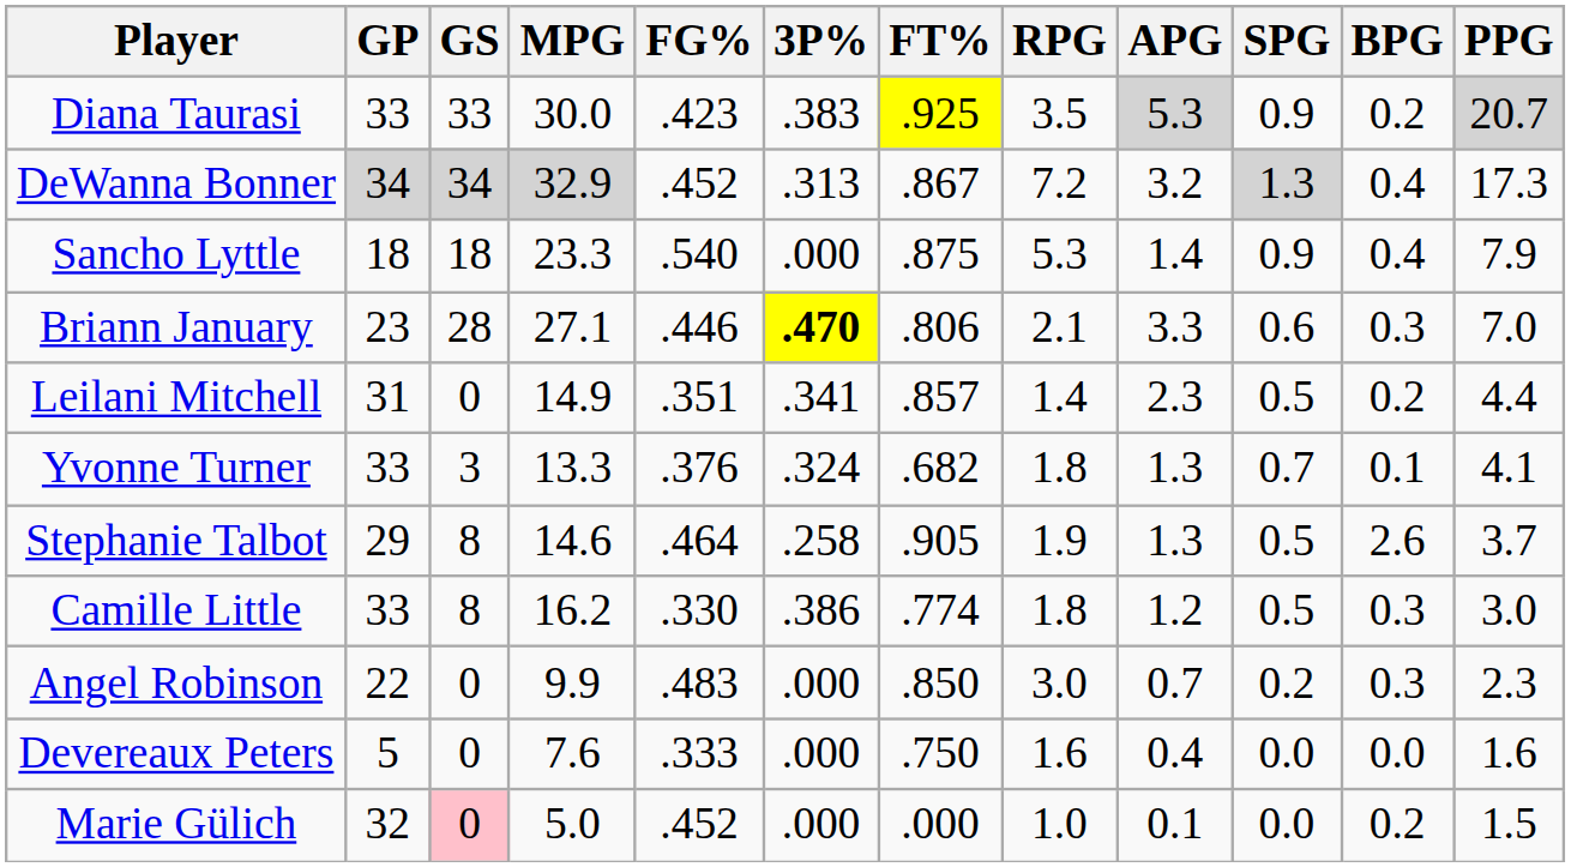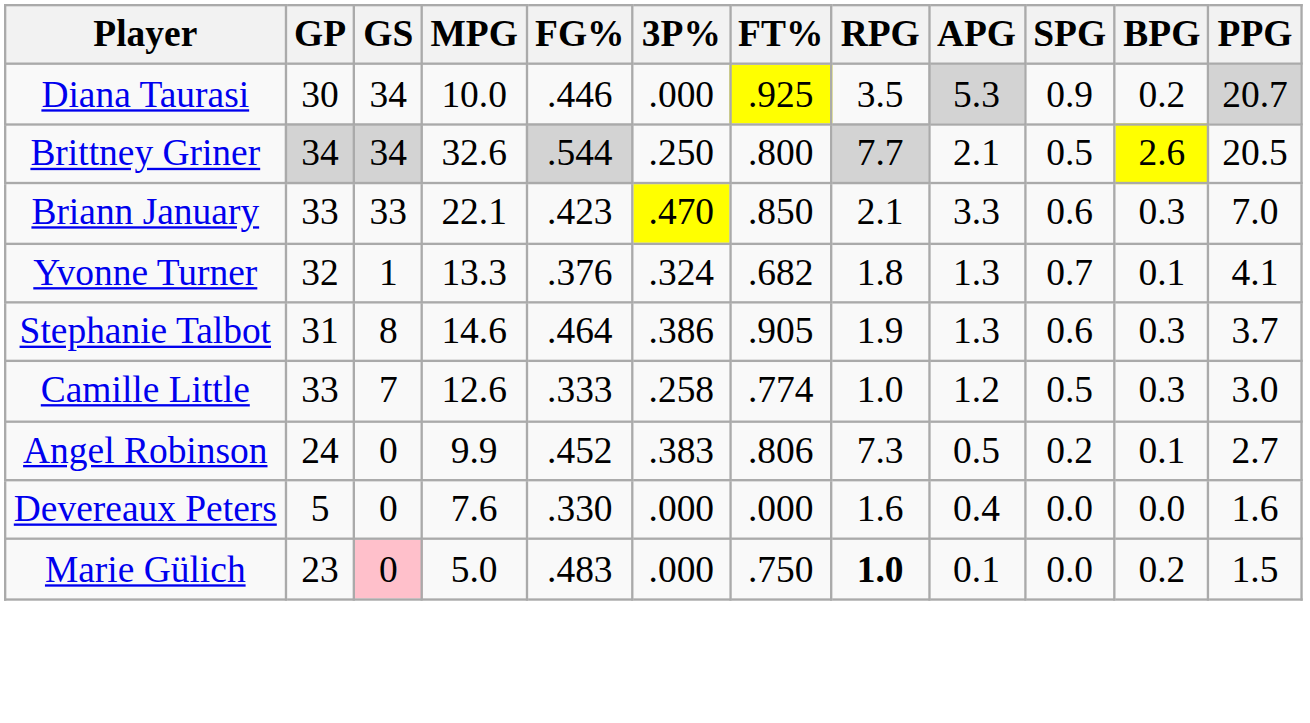 <table class="wikitable sortable" style="text-align:center;">
 <tr>
 <th>Player</th>
 <th>GP</th>
 <th>GS</th>
 <th>MPG</th>
 <th>FG%</th>
 <th>3P%</th>
 <th>FT%</th>
 <th>RPG</th>
 <th>APG</th>
 <th>SPG</th>
 <th>BPG</th>
 <th>PPG</th>
 </tr>
 <tr>
 <td><a href='#'>Diana Taurasi</a></td>
-<td>33</td>
-<td>33</td>
-<td>30.0</td>
-<td>.423</td>
-<td>.383</td>
+<td>30</td>
+<td>34</td>
+<td>10.0</td>
+<td>.446</td>
+<td>.000</td>
 <td style="background:yellow;">.925</td>
 <td>3.5</td>
 <td style="background:#D3D3D3;">5.3</td>
 <td>0.9</td>
 <td>0.2</td>
 <td style="background:#D3D3D3;">20.7</td>
 </tr>
 <tr>
-<td><a href='#'>DeWanna Bonner</a></td>
+<td><a href='#'>Brittney Griner</a></td>
 <td style="background:#D3D3D3;">34</td>
 <td style="background:#D3D3D3;">34</td>
-<td style="background:#D3D3D3;">32.9</td>
-<td>.452</td>
-<td>.313</td>
-<td>.867</td>
-<td>7.2</td>
-<td>3.2</td>
-<td style="background:#D3D3D3;">1.3</td>
-<td>0.4</td>
-<td>17.3</td>
-</tr>
-<tr>
-<td><a href='#'>Sancho Lyttle</a></td>
-<td>18</td>
-<td>18</td>
-<td>23.3</td>
-<td>.540</td>
-<td>.000</td>
-<td>.875</td>
-<td>5.3</td>
-<td>1.4</td>
-<td>0.9</td>
-<td>0.4</td>
-<td>7.9</td>
+<td>32.6</td>
+<td style="background:#D3D3D3;">.544</td>
+<td>.250</td>
+<td>.800</td>
+<td style="background:#D3D3D3;">7.7</td>
+<td>2.1</td>
+<td>0.5</td>
+<td style="background:yellow;">2.6</td>
+<td>20.5</td>
 </tr>
 <tr>
 <td><a href='#'>Briann January</a></td>
-<td>23</td>
-<td>28</td>
-<td>27.1</td>
-<td>.446</td>
-<td style="background:yellow;"><strong>.470</strong></td>
-<td>.806</td>
+<td>33</td>
+<td>33</td>
+<td>22.1</td>
+<td>.423</td>
+<td style="background:yellow;">.470</td>
+<td>.850</td>
 <td>2.1</td>
 <td>3.3</td>
 <td>0.6</td>
 <td>0.3</td>
 <td>7.0</td>
 </tr>
 <tr>
-<td><a href='#'>Leilani Mitchell</a></td>
-<td>31</td>
-<td>0</td>
-<td>14.9</td>
-<td>.351</td>
-<td>.341</td>
-<td>.857</td>
-<td>1.4</td>
-<td>2.3</td>
-<td>0.5</td>
-<td>0.2</td>
-<td>4.4</td>
-</tr>
-<tr>
 <td><a href='#'>Yvonne Turner</a></td>
-<td>33</td>
-<td>3</td>
+<td>32</td>
+<td>1</td>
 <td>13.3</td>
 <td>.376</td>
 <td>.324</td>
 <td>.682</td>
 <td>1.8</td>
 <td>1.3</td>
 <td>0.7</td>
 <td>0.1</td>
 <td>4.1</td>
 </tr>
 <tr>
 <td><a href='#'>Stephanie Talbot</a></td>
-<td>29</td>
+<td>31</td>
 <td>8</td>
 <td>14.6</td>
 <td>.464</td>
-<td>.258</td>
+<td>.386</td>
 <td>.905</td>
 <td>1.9</td>
 <td>1.3</td>
-<td>0.5</td>
-<td>2.6</td>
+<td>0.6</td>
+<td>0.3</td>
 <td>3.7</td>
 </tr>
 <tr>
 <td><a href='#'>Camille Little</a></td>
 <td>33</td>
-<td>8</td>
-<td>16.2</td>
-<td>.330</td>
-<td>.386</td>
+<td>7</td>
+<td>12.6</td>
+<td>.333</td>
+<td>.258</td>
 <td>.774</td>
-<td>1.8</td>
+<td>1.0</td>
 <td>1.2</td>
 <td>0.5</td>
 <td>0.3</td>
 <td>3.0</td>
 </tr>
 <tr>
 <td><a href='#'>Angel Robinson</a></td>
-<td>22</td>
+<td>24</td>
 <td>0</td>
 <td>9.9</td>
-<td>.483</td>
-<td>.000</td>
-<td>.850</td>
-<td>3.0</td>
-<td>0.7</td>
+<td>.452</td>
+<td>.383</td>
+<td>.806</td>
+<td>7.3</td>
+<td>0.5</td>
 <td>0.2</td>
-<td>0.3</td>
-<td>2.3</td>
+<td>0.1</td>
+<td>2.7</td>
 </tr>
 <tr>
 <td><a href='#'>Devereaux Peters</a></td>
 <td>5</td>
 <td>0</td>
 <td>7.6</td>
-<td>.333</td>
+<td>.330</td>
 <td>.000</td>
-<td>.750</td>
+<td>.000</td>
 <td>1.6</td>
 <td>0.4</td>
 <td>0.0</td>
 <td>0.0</td>
 <td>1.6</td>
 </tr>
 <tr>
 <td><a href='#'>Marie Gülich</a></td>
-<td>32</td>
+<td>23</td>
 <td style="background: pink;">0</td>
 <td>5.0</td>
-<td>.452</td>
+<td>.483</td>
 <td>.000</td>
-<td>.000</td>
-<td>1.0</td>
+<td>.750</td>
+<td><strong>1.0</strong></td>
 <td>0.1</td>
 <td>0.0</td>
 <td>0.2</td>
 <td>1.5</td>
 </tr>
 </table>
